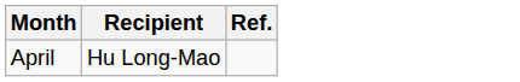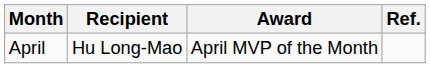 <table class="wikitable">
 <tr>
 <th>Month</th>
 <th>Recipient</th>
+<th>Award</th>
 <th>Ref.</th>
 </tr>
 <tr>
 <td>April</td>
 <td>Hu Long-Mao</td>
+<td>April MVP of the Month</td>
 <td></td>
 </tr>
 </table>
